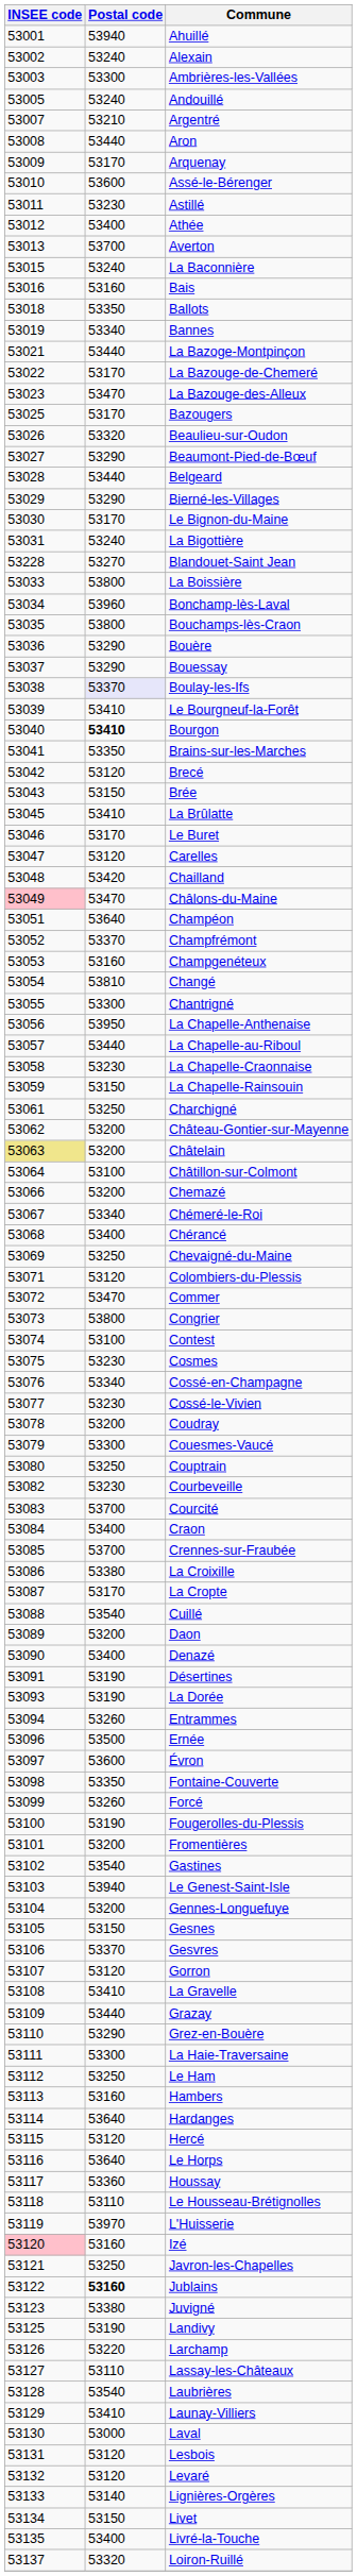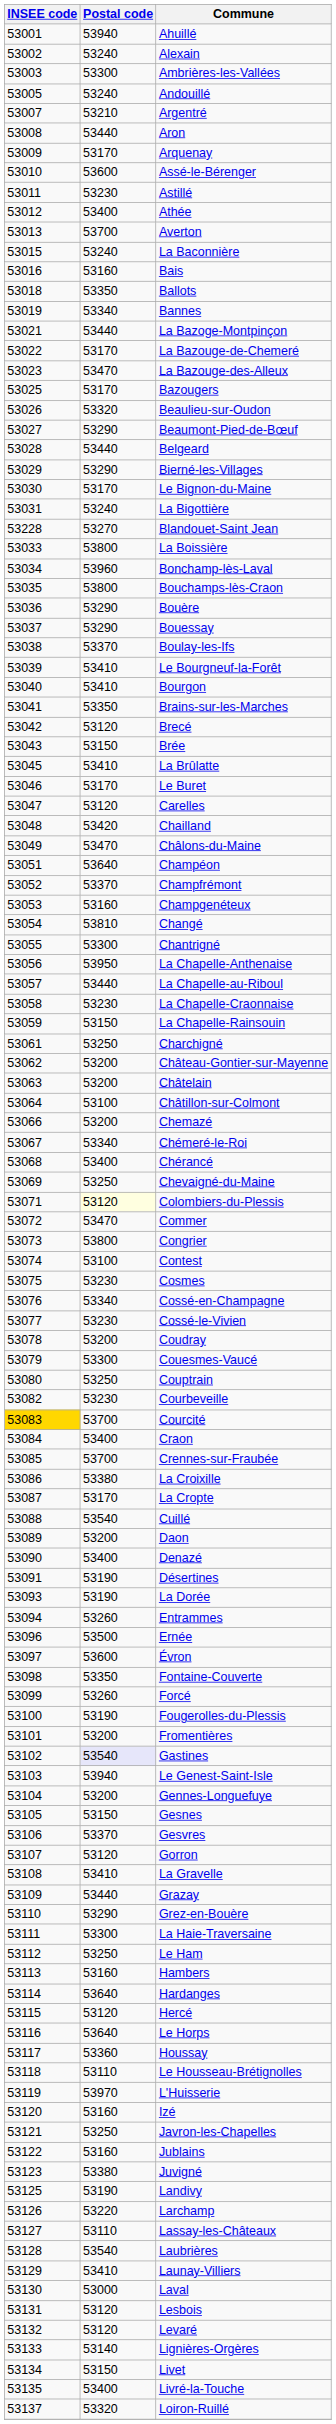 <table class="wikitable sortable">
 <tr>
 <th><a href='#'>INSEE code</a></th>
 <th><a href='#'>Postal code</a></th>
 <th>Commune</th>
 </tr>
 <tr>
 <td>53001</td>
 <td>53940</td>
 <td><a href='#'>Ahuillé</a></td>
 </tr>
 <tr>
 <td>53002</td>
 <td>53240</td>
 <td><a href='#'>Alexain</a></td>
 </tr>
 <tr>
 <td>53003</td>
 <td>53300</td>
 <td><a href='#'>Ambrières-les-Vallées</a></td>
 </tr>
 <tr>
 <td>53005</td>
 <td>53240</td>
 <td><a href='#'>Andouillé</a></td>
 </tr>
 <tr>
 <td>53007</td>
 <td>53210</td>
 <td><a href='#'>Argentré</a></td>
 </tr>
 <tr>
 <td>53008</td>
 <td>53440</td>
 <td><a href='#'>Aron</a></td>
 </tr>
 <tr>
 <td>53009</td>
 <td>53170</td>
 <td><a href='#'>Arquenay</a></td>
 </tr>
 <tr>
 <td>53010</td>
 <td>53600</td>
 <td><a href='#'>Assé-le-Bérenger</a></td>
 </tr>
 <tr>
 <td>53011</td>
 <td>53230</td>
 <td><a href='#'>Astillé</a></td>
 </tr>
 <tr>
 <td>53012</td>
 <td>53400</td>
 <td><a href='#'>Athée</a></td>
 </tr>
 <tr>
 <td>53013</td>
 <td>53700</td>
 <td><a href='#'>Averton</a></td>
 </tr>
 <tr>
 <td>53015</td>
 <td>53240</td>
 <td><a href='#'>La Baconnière</a></td>
 </tr>
 <tr>
 <td>53016</td>
 <td>53160</td>
 <td><a href='#'>Bais</a></td>
 </tr>
 <tr>
 <td>53018</td>
 <td>53350</td>
 <td><a href='#'>Ballots</a></td>
 </tr>
 <tr>
 <td>53019</td>
 <td>53340</td>
 <td><a href='#'>Bannes</a></td>
 </tr>
 <tr>
 <td>53021</td>
 <td>53440</td>
 <td><a href='#'>La Bazoge-Montpinçon</a></td>
 </tr>
 <tr>
 <td>53022</td>
 <td>53170</td>
 <td><a href='#'>La Bazouge-de-Chemeré</a></td>
 </tr>
 <tr>
 <td>53023</td>
 <td>53470</td>
 <td><a href='#'>La Bazouge-des-Alleux</a></td>
 </tr>
 <tr>
 <td>53025</td>
 <td>53170</td>
 <td><a href='#'>Bazougers</a></td>
 </tr>
 <tr>
 <td>53026</td>
 <td>53320</td>
 <td><a href='#'>Beaulieu-sur-Oudon</a></td>
 </tr>
 <tr>
 <td>53027</td>
 <td>53290</td>
 <td><a href='#'>Beaumont-Pied-de-Bœuf</a></td>
 </tr>
 <tr>
 <td>53028</td>
 <td>53440</td>
 <td><a href='#'>Belgeard</a></td>
 </tr>
 <tr>
 <td>53029</td>
 <td>53290</td>
 <td><a href='#'>Bierné-les-Villages</a></td>
 </tr>
 <tr>
 <td>53030</td>
 <td>53170</td>
 <td><a href='#'>Le Bignon-du-Maine</a></td>
 </tr>
 <tr>
 <td>53031</td>
 <td>53240</td>
 <td><a href='#'>La Bigottière</a></td>
 </tr>
 <tr>
 <td>53228</td>
 <td>53270</td>
 <td><a href='#'>Blandouet-Saint Jean</a></td>
 </tr>
 <tr>
 <td>53033</td>
 <td>53800</td>
 <td><a href='#'>La Boissière</a></td>
 </tr>
 <tr>
 <td>53034</td>
 <td>53960</td>
 <td><a href='#'>Bonchamp-lès-Laval</a></td>
 </tr>
 <tr>
 <td>53035</td>
 <td>53800</td>
 <td><a href='#'>Bouchamps-lès-Craon</a></td>
 </tr>
 <tr>
 <td>53036</td>
 <td>53290</td>
 <td><a href='#'>Bouère</a></td>
 </tr>
 <tr>
 <td>53037</td>
 <td>53290</td>
 <td><a href='#'>Bouessay</a></td>
 </tr>
 <tr>
 <td>53038</td>
-<td style="background: lavender;">53370</td>
+<td>53370</td>
 <td><a href='#'>Boulay-les-Ifs</a></td>
 </tr>
 <tr>
 <td>53039</td>
 <td>53410</td>
 <td><a href='#'>Le Bourgneuf-la-Forêt</a></td>
 </tr>
 <tr>
 <td>53040</td>
-<td><strong>53410</strong></td>
+<td>53410</td>
 <td><a href='#'>Bourgon</a></td>
 </tr>
 <tr>
 <td>53041</td>
 <td>53350</td>
 <td><a href='#'>Brains-sur-les-Marches</a></td>
 </tr>
 <tr>
 <td>53042</td>
 <td>53120</td>
 <td><a href='#'>Brecé</a></td>
 </tr>
 <tr>
 <td>53043</td>
 <td>53150</td>
 <td><a href='#'>Brée</a></td>
 </tr>
 <tr>
 <td>53045</td>
 <td>53410</td>
 <td><a href='#'>La Brûlatte</a></td>
 </tr>
 <tr>
 <td>53046</td>
 <td>53170</td>
 <td><a href='#'>Le Buret</a></td>
 </tr>
 <tr>
 <td>53047</td>
 <td>53120</td>
 <td><a href='#'>Carelles</a></td>
 </tr>
 <tr>
 <td>53048</td>
 <td>53420</td>
 <td><a href='#'>Chailland</a></td>
 </tr>
 <tr>
-<td style="background: pink;">53049</td>
+<td>53049</td>
 <td>53470</td>
 <td><a href='#'>Châlons-du-Maine</a></td>
 </tr>
 <tr>
 <td>53051</td>
 <td>53640</td>
 <td><a href='#'>Champéon</a></td>
 </tr>
 <tr>
 <td>53052</td>
 <td>53370</td>
 <td><a href='#'>Champfrémont</a></td>
 </tr>
 <tr>
 <td>53053</td>
 <td>53160</td>
 <td><a href='#'>Champgenéteux</a></td>
 </tr>
 <tr>
 <td>53054</td>
 <td>53810</td>
 <td><a href='#'>Changé</a></td>
 </tr>
 <tr>
 <td>53055</td>
 <td>53300</td>
 <td><a href='#'>Chantrigné</a></td>
 </tr>
 <tr>
 <td>53056</td>
 <td>53950</td>
 <td><a href='#'>La Chapelle-Anthenaise</a></td>
 </tr>
 <tr>
 <td>53057</td>
 <td>53440</td>
 <td><a href='#'>La Chapelle-au-Riboul</a></td>
 </tr>
 <tr>
 <td>53058</td>
 <td>53230</td>
 <td><a href='#'>La Chapelle-Craonnaise</a></td>
 </tr>
 <tr>
 <td>53059</td>
 <td>53150</td>
 <td><a href='#'>La Chapelle-Rainsouin</a></td>
 </tr>
 <tr>
 <td>53061</td>
 <td>53250</td>
 <td><a href='#'>Charchigné</a></td>
 </tr>
 <tr>
 <td>53062</td>
 <td>53200</td>
 <td><a href='#'>Château-Gontier-sur-Mayenne</a></td>
 </tr>
 <tr>
-<td style="background: khaki;">53063</td>
+<td>53063</td>
 <td>53200</td>
 <td><a href='#'>Châtelain</a></td>
 </tr>
 <tr>
 <td>53064</td>
 <td>53100</td>
 <td><a href='#'>Châtillon-sur-Colmont</a></td>
 </tr>
 <tr>
 <td>53066</td>
 <td>53200</td>
 <td><a href='#'>Chemazé</a></td>
 </tr>
 <tr>
 <td>53067</td>
 <td>53340</td>
 <td><a href='#'>Chémeré-le-Roi</a></td>
 </tr>
 <tr>
 <td>53068</td>
 <td>53400</td>
 <td><a href='#'>Chérancé</a></td>
 </tr>
 <tr>
 <td>53069</td>
 <td>53250</td>
 <td><a href='#'>Chevaigné-du-Maine</a></td>
 </tr>
 <tr>
 <td>53071</td>
-<td>53120</td>
+<td style="background: lightyellow;">53120</td>
 <td><a href='#'>Colombiers-du-Plessis</a></td>
 </tr>
 <tr>
 <td>53072</td>
 <td>53470</td>
 <td><a href='#'>Commer</a></td>
 </tr>
 <tr>
 <td>53073</td>
 <td>53800</td>
 <td><a href='#'>Congrier</a></td>
 </tr>
 <tr>
 <td>53074</td>
 <td>53100</td>
 <td><a href='#'>Contest</a></td>
 </tr>
 <tr>
 <td>53075</td>
 <td>53230</td>
 <td><a href='#'>Cosmes</a></td>
 </tr>
 <tr>
 <td>53076</td>
 <td>53340</td>
 <td><a href='#'>Cossé-en-Champagne</a></td>
 </tr>
 <tr>
 <td>53077</td>
 <td>53230</td>
 <td><a href='#'>Cossé-le-Vivien</a></td>
 </tr>
 <tr>
 <td>53078</td>
 <td>53200</td>
 <td><a href='#'>Coudray</a></td>
 </tr>
 <tr>
 <td>53079</td>
 <td>53300</td>
 <td><a href='#'>Couesmes-Vaucé</a></td>
 </tr>
 <tr>
 <td>53080</td>
 <td>53250</td>
 <td><a href='#'>Couptrain</a></td>
 </tr>
 <tr>
 <td>53082</td>
 <td>53230</td>
 <td><a href='#'>Courbeveille</a></td>
 </tr>
 <tr>
-<td>53083</td>
+<td style="background: gold;">53083</td>
 <td>53700</td>
 <td><a href='#'>Courcité</a></td>
 </tr>
 <tr>
 <td>53084</td>
 <td>53400</td>
 <td><a href='#'>Craon</a></td>
 </tr>
 <tr>
 <td>53085</td>
 <td>53700</td>
 <td><a href='#'>Crennes-sur-Fraubée</a></td>
 </tr>
 <tr>
 <td>53086</td>
 <td>53380</td>
 <td><a href='#'>La Croixille</a></td>
 </tr>
 <tr>
 <td>53087</td>
 <td>53170</td>
 <td><a href='#'>La Cropte</a></td>
 </tr>
 <tr>
 <td>53088</td>
 <td>53540</td>
 <td><a href='#'>Cuillé</a></td>
 </tr>
 <tr>
 <td>53089</td>
 <td>53200</td>
 <td><a href='#'>Daon</a></td>
 </tr>
 <tr>
 <td>53090</td>
 <td>53400</td>
 <td><a href='#'>Denazé</a></td>
 </tr>
 <tr>
 <td>53091</td>
 <td>53190</td>
 <td><a href='#'>Désertines</a></td>
 </tr>
 <tr>
 <td>53093</td>
 <td>53190</td>
 <td><a href='#'>La Dorée</a></td>
 </tr>
 <tr>
 <td>53094</td>
 <td>53260</td>
 <td><a href='#'>Entrammes</a></td>
 </tr>
 <tr>
 <td>53096</td>
 <td>53500</td>
 <td><a href='#'>Ernée</a></td>
 </tr>
 <tr>
 <td>53097</td>
 <td>53600</td>
 <td><a href='#'>Évron</a></td>
 </tr>
 <tr>
 <td>53098</td>
 <td>53350</td>
 <td><a href='#'>Fontaine-Couverte</a></td>
 </tr>
 <tr>
 <td>53099</td>
 <td>53260</td>
 <td><a href='#'>Forcé</a></td>
 </tr>
 <tr>
 <td>53100</td>
 <td>53190</td>
 <td><a href='#'>Fougerolles-du-Plessis</a></td>
 </tr>
 <tr>
 <td>53101</td>
 <td>53200</td>
 <td><a href='#'>Fromentières</a></td>
 </tr>
 <tr>
 <td>53102</td>
-<td>53540</td>
+<td style="background: lavender;">53540</td>
 <td><a href='#'>Gastines</a></td>
 </tr>
 <tr>
 <td>53103</td>
 <td>53940</td>
 <td><a href='#'>Le Genest-Saint-Isle</a></td>
 </tr>
 <tr>
 <td>53104</td>
 <td>53200</td>
 <td><a href='#'>Gennes-Longuefuye</a></td>
 </tr>
 <tr>
 <td>53105</td>
 <td>53150</td>
 <td><a href='#'>Gesnes</a></td>
 </tr>
 <tr>
 <td>53106</td>
 <td>53370</td>
 <td><a href='#'>Gesvres</a></td>
 </tr>
 <tr>
 <td>53107</td>
 <td>53120</td>
 <td><a href='#'>Gorron</a></td>
 </tr>
 <tr>
 <td>53108</td>
 <td>53410</td>
 <td><a href='#'>La Gravelle</a></td>
 </tr>
 <tr>
 <td>53109</td>
 <td>53440</td>
 <td><a href='#'>Grazay</a></td>
 </tr>
 <tr>
 <td>53110</td>
 <td>53290</td>
 <td><a href='#'>Grez-en-Bouère</a></td>
 </tr>
 <tr>
 <td>53111</td>
 <td>53300</td>
 <td><a href='#'>La Haie-Traversaine</a></td>
 </tr>
 <tr>
 <td>53112</td>
 <td>53250</td>
 <td><a href='#'>Le Ham</a></td>
 </tr>
 <tr>
 <td>53113</td>
 <td>53160</td>
 <td><a href='#'>Hambers</a></td>
 </tr>
 <tr>
 <td>53114</td>
 <td>53640</td>
 <td><a href='#'>Hardanges</a></td>
 </tr>
 <tr>
 <td>53115</td>
 <td>53120</td>
 <td><a href='#'>Hercé</a></td>
 </tr>
 <tr>
 <td>53116</td>
 <td>53640</td>
 <td><a href='#'>Le Horps</a></td>
 </tr>
 <tr>
 <td>53117</td>
 <td>53360</td>
 <td><a href='#'>Houssay</a></td>
 </tr>
 <tr>
 <td>53118</td>
 <td>53110</td>
 <td><a href='#'>Le Housseau-Brétignolles</a></td>
 </tr>
 <tr>
 <td>53119</td>
 <td>53970</td>
 <td><a href='#'>L'Huisserie</a></td>
 </tr>
 <tr>
-<td style="background: pink;">53120</td>
+<td>53120</td>
 <td>53160</td>
 <td><a href='#'>Izé</a></td>
 </tr>
 <tr>
 <td>53121</td>
 <td>53250</td>
 <td><a href='#'>Javron-les-Chapelles</a></td>
 </tr>
 <tr>
 <td>53122</td>
-<td><strong>53160</strong></td>
+<td>53160</td>
 <td><a href='#'>Jublains</a></td>
 </tr>
 <tr>
 <td>53123</td>
 <td>53380</td>
 <td><a href='#'>Juvigné</a></td>
 </tr>
 <tr>
 <td>53125</td>
 <td>53190</td>
 <td><a href='#'>Landivy</a></td>
 </tr>
 <tr>
 <td>53126</td>
 <td>53220</td>
 <td><a href='#'>Larchamp</a></td>
 </tr>
 <tr>
 <td>53127</td>
 <td>53110</td>
 <td><a href='#'>Lassay-les-Châteaux</a></td>
 </tr>
 <tr>
 <td>53128</td>
 <td>53540</td>
 <td><a href='#'>Laubrières</a></td>
 </tr>
 <tr>
 <td>53129</td>
 <td>53410</td>
 <td><a href='#'>Launay-Villiers</a></td>
 </tr>
 <tr>
 <td>53130</td>
 <td>53000</td>
 <td><a href='#'>Laval</a></td>
 </tr>
 <tr>
 <td>53131</td>
 <td>53120</td>
 <td><a href='#'>Lesbois</a></td>
 </tr>
 <tr>
 <td>53132</td>
 <td>53120</td>
 <td><a href='#'>Levaré</a></td>
 </tr>
 <tr>
 <td>53133</td>
 <td>53140</td>
 <td><a href='#'>Lignières-Orgères</a></td>
 </tr>
 <tr>
 <td>53134</td>
 <td>53150</td>
 <td><a href='#'>Livet</a></td>
 </tr>
 <tr>
 <td>53135</td>
 <td>53400</td>
 <td><a href='#'>Livré-la-Touche</a></td>
 </tr>
 <tr>
 <td>53137</td>
 <td>53320</td>
 <td><a href='#'>Loiron-Ruillé</a></td>
 </tr>
 <tr>
 </tr>
 </table>
